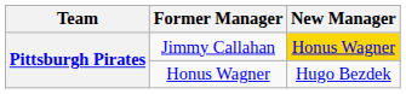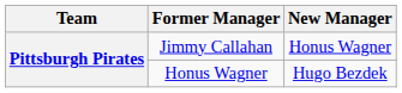 <table class="wikitable plainrowheaders" style="text-align:center;">
 <tr>
 <th>Team</th>
 <th>Former Manager</th>
 <th>New Manager</th>
 </tr>
 <tr>
 <th rowspan="2" scope="row" style="text-align:center;"><a href='#'>Pittsburgh Pirates</a></th>
 <td><a href='#'>Jimmy Callahan</a></td>
-<td style="background: gold;"><a href='#'>Honus Wagner</a></td>
+<td><a href='#'>Honus Wagner</a></td>
 </tr>
 <tr>
 <td><a href='#'>Honus Wagner</a></td>
 <td><a href='#'>Hugo Bezdek</a></td>
 </tr>
 </table>
